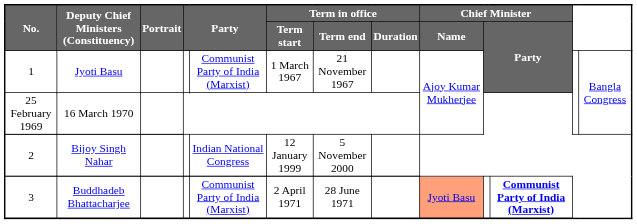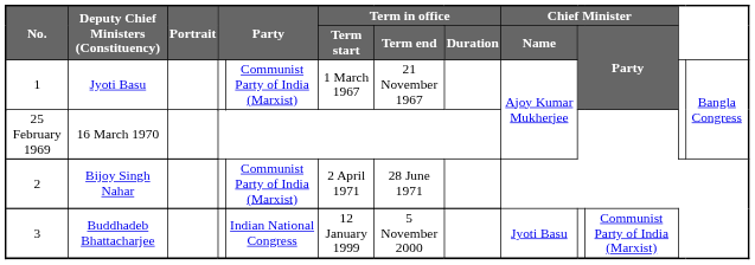 <table class="sortable" style="border-collapse: collapse; border: 2px #000000 solid; font-size: x-big; font-family: verdana" width="70%" cellspacing="0" cellpadding="2" border="1">
 <tr>
 <th rowspan ="2" style="background-color:#666666; color:white">No.</th>
 <th rowspan ="2" style="background-color:#666666; color:white">Deputy Chief Ministers<br>(Constituency)</th>
 <th rowspan ="2" style="background-color:#666666; color:white">Portrait</th>
 <th rowspan ="2" colspan ="2" style="background-color:#666666; color:white">Party</th>
 <th colspan ="3" style="background-color:#666666; color:white">Term in office</th>
 <th colspan ="3" style="background-color:#666666; color:white">Chief Minister</th>
 </tr>
 <tr>
 <th style="background-color:#666666; color:white">Term start</th>
 <th style="background-color:#666666; color:white">Term end</th>
 <th style="background-color:#666666; color:white">Duration</th>
 <th rowspan ="1" style="background-color:#666666; color:white">Name</th>
 <th rowspan ="2" colspan ="2" style="background-color:#666666; color:white">Party</th>
 </tr>
 <tr style="vertical-align: middle; text-align: center;">
 <td rowspan ="2">1</td>
 <td rowspan ="2"><a href='#'>Jyoti Basu</a><br></td>
 <td rowspan ="2"></td>
 <td rowspan="2" width="4px" style="background-color: "></td>
 <td rowspan ="2"><a href='#'>Communist Party of India (Marxist)</a></td>
 <td>1 March 1967</td>
 <td>21 November 1967</td>
 <td></td>
 <td rowspan ="3"><a href='#'>Ajoy Kumar Mukherjee</a></td>
 <td rowspan=3 width="4px" style="background-color: "></td>
 <td rowspan ="3"><a href='#'>Bangla Congress</a></td>
 </tr>
 <tr>
 </tr>
 <tr style="vertical-align: middle; text-align: center;">
 <td>25 February 1969</td>
 <td>16 March 1970</td>
 <td></td>
 </tr>
 <tr>
 </tr>
 <tr style="vertical-align: middle; text-align: center;">
 <td>2</td>
 <td><a href='#'>Bijoy Singh Nahar</a><br></td>
 <td></td>
 <td rowspan="1" width="4px" style="background-color: "></td>
-<td rowspan ="1"><a href='#'>Indian National Congress</a></td>
-<td>12 January 1999</td>
-<td>5 November 2000</td>
+<td rowspan ="1"><a href='#'>Communist Party of India (Marxist)</a></td>
+<td>2 April 1971</td>
+<td>28 June 1971</td>
 <td></td>
 </tr>
 <tr>
 </tr>
 <tr style="vertical-align: middle; text-align: center;">
 <td>3</td>
 <td><a href='#'>Buddhadeb Bhattacharjee</a><br></td>
 <td></td>
 <td rowspan="1" width="4px" style="background-color: "></td>
+<td rowspan ="1"><a href='#'>Indian National Congress</a></td>
+<td>12 January 1999</td>
+<td>5 November 2000</td>
+<td></td>
+<td><a href='#'>Jyoti Basu</a></td>
+<td width="4px" style="background-color: "></td>
 <td rowspan ="1"><a href='#'>Communist Party of India (Marxist)</a></td>
-<td>2 April 1971</td>
-<td>28 June 1971</td>
-<td></td>
-<td style="background: lightsalmon;"><a href='#'>Jyoti Basu</a></td>
-<td width="4px" style="background-color: "></td>
-<td rowspan ="1"><strong><a href='#'>Communist Party of India (Marxist)</a></strong></td>
 </tr>
 <tr>
 </tr>
 </table>
